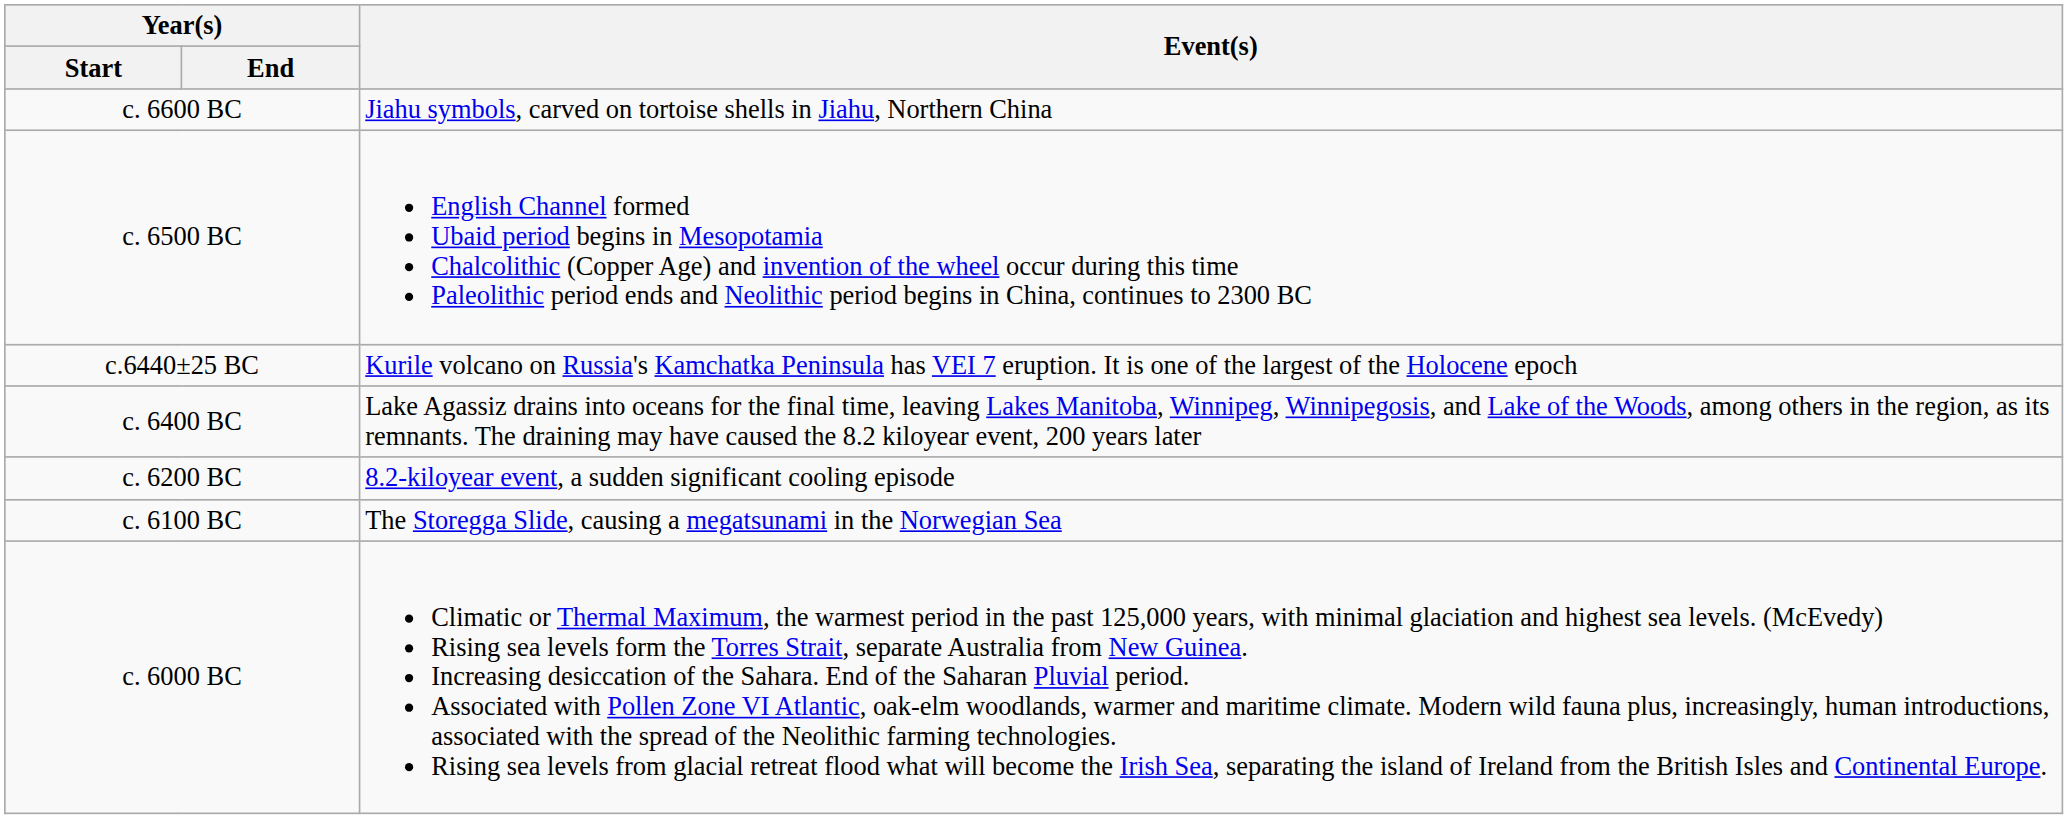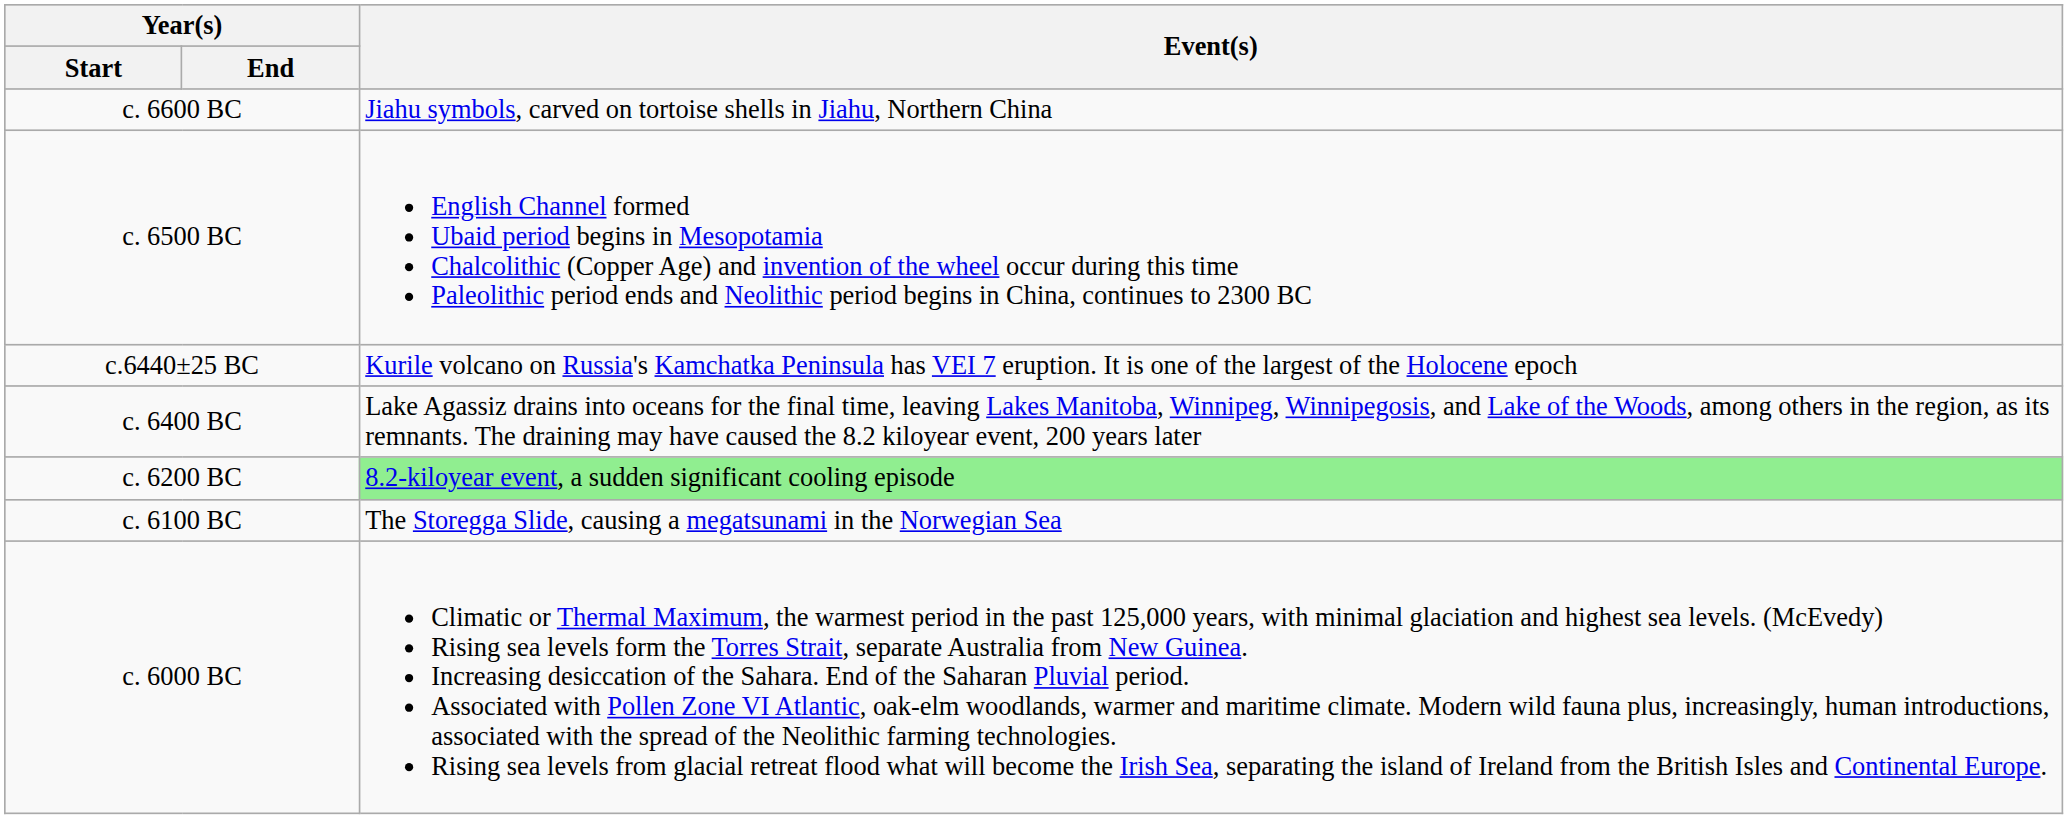 <table class="wikitable">
 <tr>
 <th colspan="2">Year(s)</th>
 <th rowspan="2">Event(s)</th>
 </tr>
 <tr>
 <th style="width:100px;">Start</th>
 <th style="width:100px;">End</th>
 </tr>
 <tr>
 <td colspan="2" style="text-align:center;">c. 6600 BC</td>
 <td><a href='#'>Jiahu symbols</a>, carved on tortoise shells in <a href='#'>Jiahu</a>, Northern China</td>
 </tr>
 <tr>
 <td colspan="2" style="text-align:center;">c. 6500 BC</td>
 <td><div><br><ul><li><a href='#'>English Channel</a> formed</li><li><a href='#'>Ubaid period</a> begins in <a href='#'>Mesopotamia</a></li><li><a href='#'>Chalcolithic</a> (Copper Age) and <a href='#'>invention of the wheel</a> occur during this time</li><li><a href='#'>Paleolithic</a> period ends and <a href='#'>Neolithic</a> period begins in China, continues to 2300 BC</li></ul></div></td>
 </tr>
 <tr>
 <td colspan="2" style="text-align:center;">c.6440±25 BC</td>
 <td><a href='#'>Kurile</a> volcano on <a href='#'>Russia</a>'s <a href='#'>Kamchatka Peninsula</a> has <a href='#'>VEI 7</a> eruption. It is one of the largest of the <a href='#'>Holocene</a> epoch</td>
 </tr>
 <tr>
 <td colspan="2" style="text-align:center;">c. 6400 BC</td>
 <td>Lake Agassiz drains into oceans for the final time, leaving <a href='#'>Lakes Manitoba</a>, <a href='#'>Winnipeg</a>, <a href='#'>Winnipegosis</a>, and <a href='#'>Lake of the Woods</a>, among others in the region, as its remnants.  The draining may have caused the 8.2 kiloyear event, 200 years later</td>
 </tr>
 <tr>
 <td colspan="2" style="text-align:center;">c. 6200 BC</td>
-<td><a href='#'>8.2-kiloyear event</a>, a sudden significant cooling episode</td>
+<td style="background: lightgreen;"><a href='#'>8.2-kiloyear event</a>, a sudden significant cooling episode</td>
 </tr>
 <tr>
 <td colspan="2" style="text-align:center;">c. 6100 BC</td>
 <td>The <a href='#'>Storegga Slide</a>, causing a <a href='#'>megatsunami</a> in the <a href='#'>Norwegian Sea</a></td>
 </tr>
 <tr>
 <td colspan="2" style="text-align:center;">c. 6000 BC</td>
 <td><div><br><ul><li>Climatic or <a href='#'>Thermal Maximum</a>, the warmest period in the past 125,000 years, with minimal glaciation and highest sea levels. (McEvedy)</li><li>Rising sea levels form the <a href='#'>Torres Strait</a>, separate Australia from <a href='#'>New Guinea</a>.</li><li>Increasing desiccation of the Sahara. End of the Saharan <a href='#'>Pluvial</a> period.</li><li>Associated with <a href='#'>Pollen Zone VI Atlantic</a>, oak-elm woodlands, warmer and maritime climate. Modern wild fauna plus, increasingly, human introductions, associated with the spread of the Neolithic farming technologies.</li><li>Rising sea levels from glacial retreat flood what will become the <a href='#'>Irish Sea</a>, separating the island of Ireland from the British Isles and <a href='#'>Continental Europe</a>.</li></ul></div></td>
 </tr>
 </table>
